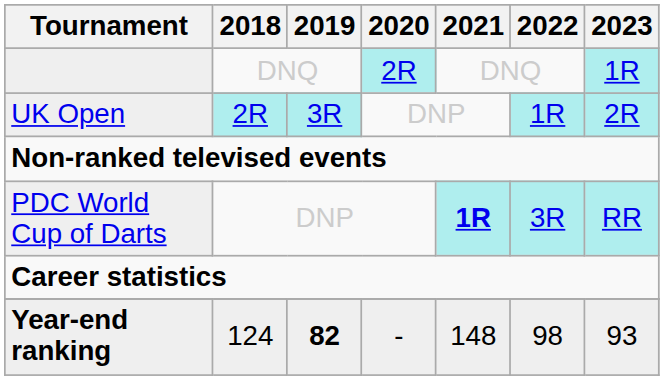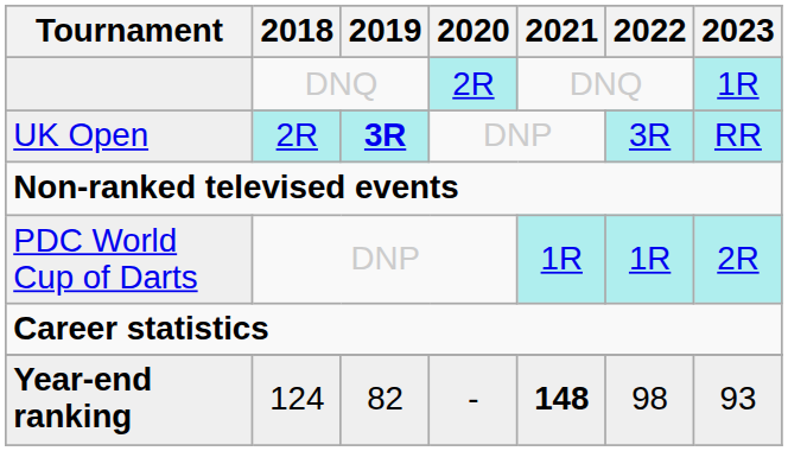 <table class="wikitable" style="width:30%; margin:0">
 <tr>
 <th>Tournament</th>
 <th>2018</th>
 <th>2019</th>
 <th>2020</th>
 <th>2021</th>
 <th>2022</th>
 <th>2023</th>
 </tr>
 <tr>
 <td style="background:#efefef;"></td>
 <td colspan="2" style="text-align:center; color:#ccc;">DNQ</td>
 <td style="text-align:center; background:#afeeee;"><a href='#'>2R</a></td>
 <td colspan="2" style="text-align:center; color:#ccc;">DNQ</td>
 <td style="text-align:center; background:#afeeee;"><a href='#'>1R</a></td>
 </tr>
 <tr>
 <td style="background:#efefef;"><a href='#'>UK Open</a></td>
 <td style="text-align:center; background:#afeeee;"><a href='#'>2R</a></td>
+<td style="text-align:center; background:#afeeee;"><strong><a href='#'>3R</a></strong></td>
+<td colspan="2" style="text-align:center; color:#ccc;">DNP</td>
 <td style="text-align:center; background:#afeeee;"><a href='#'>3R</a></td>
-<td colspan="2" style="text-align:center; color:#ccc;">DNP</td>
-<td style="text-align:center; background:#afeeee;"><a href='#'>1R</a></td>
-<td style="text-align:center; background:#afeeee;"><a href='#'>2R</a></td>
+<td style="text-align:center; background:#afeeee;"><a href='#'>RR</a></td>
 </tr>
 <tr>
 <td colspan="21" align="left"><strong>Non-ranked televised events</strong></td>
 </tr>
 <tr>
 <td style="background:#efefef;"><a href='#'>PDC World Cup of Darts</a></td>
 <td colspan="3" style="text-align:center; color:#ccc;">DNP</td>
-<td style="text-align:center; background:#afeeee;"><strong><a href='#'>1R</a></strong></td>
-<td style="text-align:center; background:#afeeee;"><a href='#'>3R</a></td>
-<td style="text-align:center; background:#afeeee;"><a href='#'>RR</a></td>
+<td style="text-align:center; background:#afeeee;"><a href='#'>1R</a></td>
+<td style="text-align:center; background:#afeeee;"><a href='#'>1R</a></td>
+<td style="text-align:center; background:#afeeee;"><a href='#'>2R</a></td>
 </tr>
 <tr>
 <td colspan="18" align="left"><strong>Career statistics</strong></td>
 </tr>
 <tr>
 </tr>
 <tr bgcolor="efefef">
 <td align="left"><strong>Year-end ranking</strong></td>
 <td style="text-align:center;">124</td>
-<td style="text-align:center;"><strong>82</strong></td>
+<td style="text-align:center;">82</td>
 <td style="text-align:center;">-</td>
-<td style="text-align:center;">148</td>
+<td style="text-align:center;"><strong>148</strong></td>
 <td style="text-align:center;">98</td>
 <td style="text-align:center;">93</td>
 </tr>
 </table>
